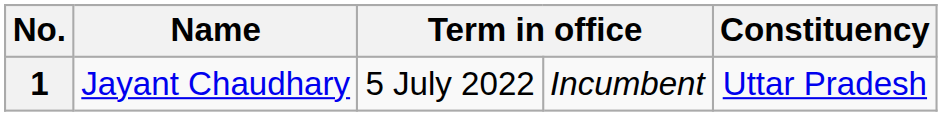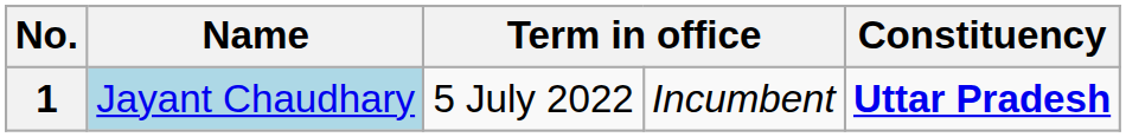 <table class="wikitable sortable" style="text-align:center;">
 <tr>
 <th style="background-color:">No.</th>
 <th style="background-color:">Name</th>
 <th colspan="2" style="background-color:">Term in office</th>
 <th colspan="2" style="background-color:">Constituency</th>
 </tr>
 <tr align="center">
 <th>1</th>
-<td><a href='#'>Jayant Chaudhary</a></td>
+<td style="background: lightblue;"><a href='#'>Jayant Chaudhary</a></td>
 <td>5 July 2022</td>
 <td><em>Incumbent</em></td>
-<td><a href='#'>Uttar Pradesh</a></td>
+<td><strong><a href='#'>Uttar Pradesh</a></strong></td>
 </tr>
 </table>
